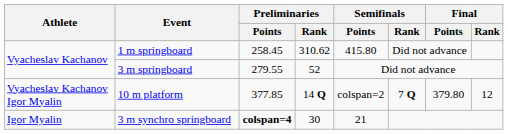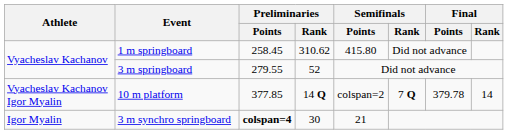 <table class="wikitable" style="text-align:center; font-size:90%; width:50%;">
 <tr>
 <th rowspan=2>Athlete</th>
 <th rowspan=2>Event</th>
 <th colspan=2>Preliminaries</th>
 <th colspan=2>Semifinals</th>
 <th colspan=2>Final</th>
 </tr>
 <tr style="font-size:95%">
 <th>Points</th>
 <th>Rank</th>
 <th>Points</th>
 <th>Rank</th>
 <th>Points</th>
 <th>Rank</th>
 </tr>
 <tr>
 <td align=left rowspan=2><a href='#'>Vyacheslav Kachanov</a></td>
 <td align=left><a href='#'>1 m springboard</a></td>
 <td>258.45</td>
 <td>310.62</td>
 <td>415.80</td>
 <td colspan=2>Did not advance</td>
 </tr>
 <tr>
 <td align=left><a href='#'>3 m springboard</a></td>
 <td>279.55</td>
 <td>52</td>
 <td colspan=4>Did not advance</td>
 </tr>
 <tr>
 <td align=left><a href='#'>Vyacheslav Kachanov</a><br><a href='#'>Igor Myalin</a></td>
 <td align=left><a href='#'>10 m platform</a></td>
 <td>377.85</td>
 <td>14 <strong>Q</strong></td>
 <td>colspan=2 </td>
 <td>7 <strong>Q</strong></td>
-<td>379.80</td>
-<td>12</td>
+<td>379.78</td>
+<td>14</td>
 </tr>
 <tr>
 <td align=left><a href='#'>Igor Myalin</a></td>
 <td align=left><a href='#'>3 m synchro springboard</a></td>
 <td><strong>colspan=4 </strong></td>
 <td>30</td>
 <td>21</td>
 </tr>
 </table>
